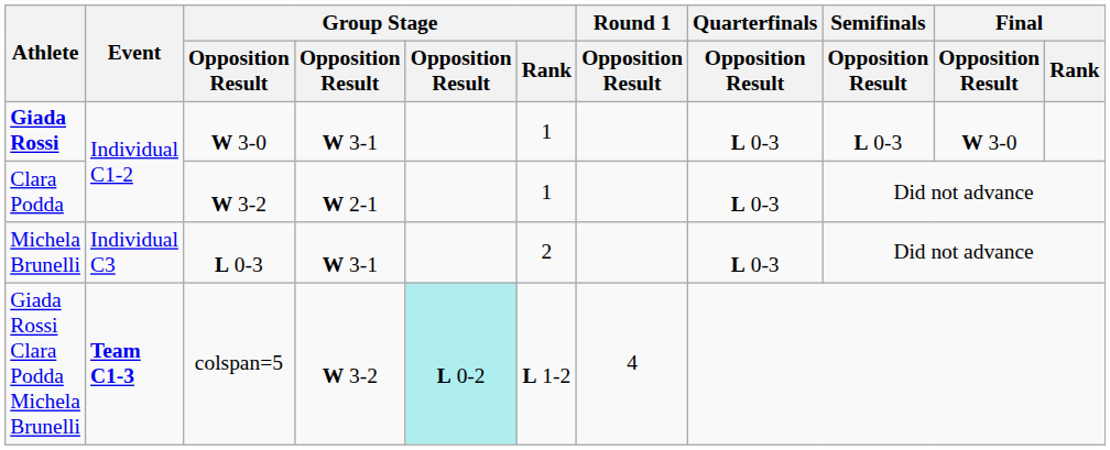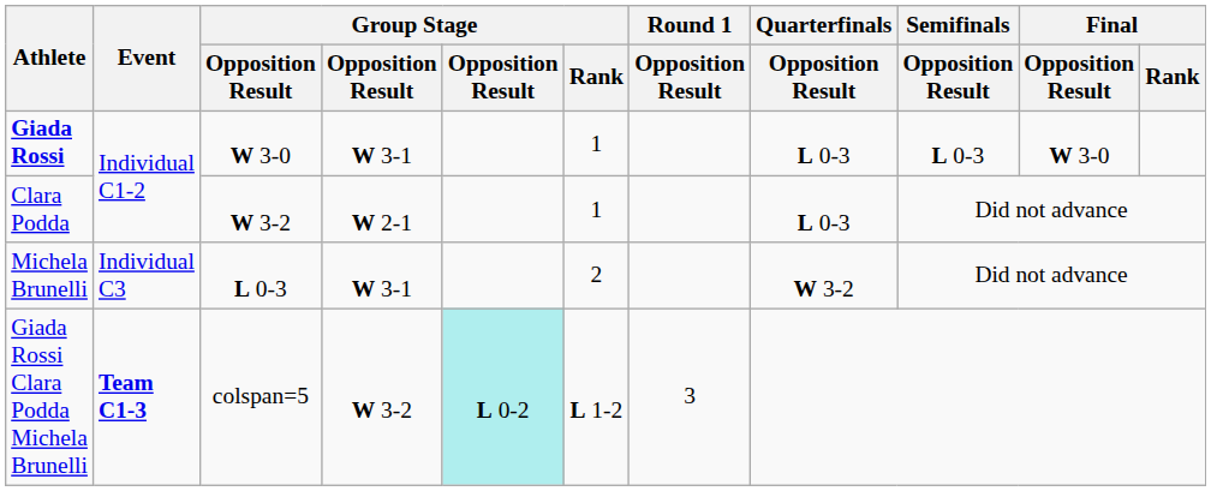 <table class=wikitable style="font-size:90%">
 <tr>
 <th rowspan="2">Athlete</th>
 <th rowspan="2">Event</th>
 <th colspan="4">Group Stage</th>
 <th>Round 1</th>
 <th>Quarterfinals</th>
 <th>Semifinals</th>
 <th colspan="2">Final</th>
 </tr>
 <tr>
 <th>Opposition<br>Result</th>
 <th>Opposition<br>Result</th>
 <th>Opposition<br>Result</th>
 <th>Rank</th>
 <th>Opposition<br>Result</th>
 <th>Opposition<br>Result</th>
 <th>Opposition<br>Result</th>
 <th>Opposition<br>Result</th>
 <th>Rank</th>
 </tr>
 <tr align=center>
 <td align=left><strong><a href='#'>Giada Rossi</a></strong></td>
 <td align=left rowspan=2><a href='#'>Individual C1-2</a></td>
 <td><br><strong>W</strong>  3-0</td>
 <td><br><strong>W</strong> 3-1</td>
 <td></td>
 <td>1</td>
 <td></td>
 <td><br><strong>L</strong> 0-3</td>
 <td><br><strong>L</strong> 0-3</td>
 <td><br><strong>W</strong> 3-0</td>
 <td></td>
 </tr>
 <tr align=center>
 <td align=left><a href='#'>Clara Podda</a></td>
 <td><br><strong>W</strong>  3-2</td>
 <td><br><strong>W</strong> 2-1</td>
 <td></td>
 <td>1</td>
 <td></td>
 <td><br><strong>L</strong> 0-3</td>
 <td colspan=3>Did not advance</td>
 </tr>
 <tr align=center>
 <td align=left><a href='#'>Michela Brunelli</a></td>
 <td align=left><a href='#'>Individual C3</a></td>
 <td><br><strong>L</strong> 0-3</td>
 <td><br><strong>W</strong> 3-1</td>
 <td></td>
 <td>2</td>
 <td></td>
-<td><br><strong>L</strong> 0-3</td>
+<td><br><strong>W</strong> 3-2</td>
 <td colspan=3>Did not advance</td>
 </tr>
 <tr align=center>
 <td align=left><a href='#'>Giada Rossi</a><br><a href='#'>Clara Podda</a><br><a href='#'>Michela Brunelli</a></td>
 <td align=left><strong><a href='#'>Team C1-3</a></strong></td>
 <td>colspan=5 </td>
 <td><br><strong>W</strong> 3-2</td>
 <td style="background: paleturquoise;"><br><strong>L</strong> 0-2</td>
 <td><br><strong>L</strong> 1-2</td>
-<td>4</td>
+<td>3</td>
 </tr>
 </table>
